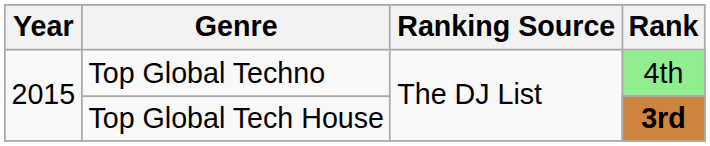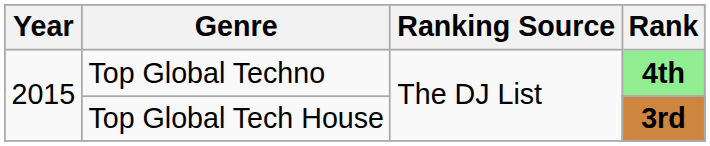 <table class=wikitable>
 <tr>
 <th>Year</th>
 <th>Genre</th>
 <th>Ranking Source</th>
 <th>Rank</th>
 </tr>
 <tr>
 <td rowspan="2">2015</td>
 <td>Top Global Techno</td>
 <td rowspan="2">The DJ List</td>
-<td style="background:LightGreen;text-align:center;">4th</td>
+<td style="background:LightGreen;text-align:center;"><strong>4th</strong></td>
 </tr>
 <tr>
 <td>Top Global Tech House</td>
 <td style="background:Peru;text-align:center;"><strong>3rd</strong></td>
 </tr>
 </table>
